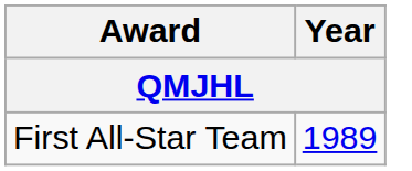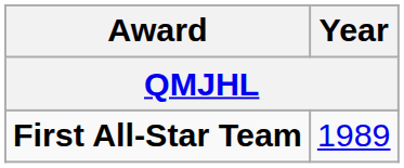 <table class="wikitable">
 <tr>
 <th>Award</th>
 <th>Year</th>
 </tr>
 <tr ALIGN="center" bgcolor="#e0e0e0">
 <th colspan="2"><a href='#'>QMJHL</a></th>
 </tr>
 <tr>
-<td>First All-Star Team</td>
+<td><strong>First All-Star Team</strong></td>
 <td><a href='#'>1989</a></td>
 </tr>
 </table>
